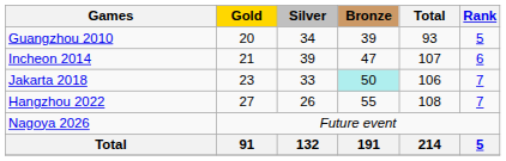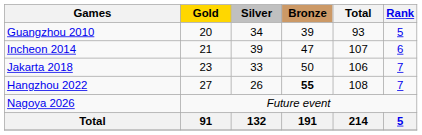 <table class="wikitable" style="text-align:center; font-size:90%;">
 <tr>
 <th style="width:15em;">Games</th>
 <th style="width:4em; background:gold;">Gold</th>
 <th style="width:4em; background:silver;">Silver</th>
 <th style="width:4em; background:#cc9966;">Bronze</th>
 <th style="width:4em;">Total</th>
 <th style="width:2em;"><a href='#'>Rank</a></th>
 </tr>
 <tr>
 <td align=left> <a href='#'>Guangzhou 2010</a></td>
 <td>20</td>
 <td>34</td>
 <td>39</td>
 <td>93</td>
 <td><a href='#'>5</a></td>
 </tr>
 <tr>
 <td align=left> <a href='#'>Incheon 2014</a></td>
 <td>21</td>
 <td>39</td>
 <td>47</td>
 <td>107</td>
 <td><a href='#'>6</a></td>
 </tr>
 <tr>
 <td align=left> <a href='#'>Jakarta 2018</a></td>
 <td>23</td>
 <td>33</td>
-<td style="background: paleturquoise;">50</td>
+<td>50</td>
 <td>106</td>
 <td><a href='#'>7</a></td>
 </tr>
 <tr>
 <td align=left> <a href='#'>Hangzhou 2022</a></td>
 <td>27</td>
 <td>26</td>
-<td>55</td>
+<td><strong>55</strong></td>
 <td>108</td>
 <td><a href='#'>7</a></td>
 </tr>
 <tr>
 <td align=left> <a href='#'>Nagoya 2026</a></td>
 <td colspan=5><em>Future event</em></td>
 </tr>
 <tr>
 <th><strong>Total</strong></th>
 <th><strong>91</strong></th>
 <th><strong>132</strong></th>
 <th><strong>191</strong></th>
 <th><strong>214</strong></th>
 <th><strong><a href='#'>5</a></strong></th>
 </tr>
 <tr class="sortbottom">
 </tr>
 </table>
